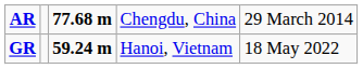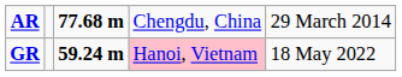 <table class="wikitable" style="font-size:95%; position:relative;">
 <tr>
 <td align=center><strong><a href='#'>AR</a></strong></td>
 <td></td>
 <td><strong>77.68 m</strong></td>
 <td><a href='#'>Chengdu</a>, <a href='#'>China</a></td>
 <td>29 March 2014</td>
 </tr>
 <tr>
 <td align=center><strong><a href='#'>GR</a></strong></td>
 <td></td>
 <td><strong>59.24 m</strong></td>
-<td><a href='#'>Hanoi</a>, <a href='#'>Vietnam</a></td>
+<td style="background: pink;"><a href='#'>Hanoi</a>, <a href='#'>Vietnam</a></td>
 <td>18 May 2022</td>
 </tr>
 </table>
